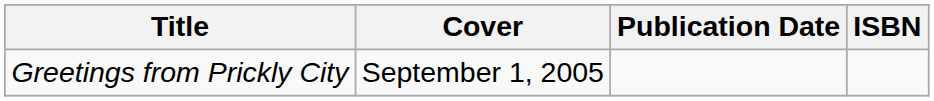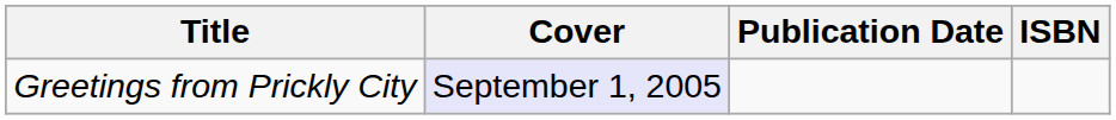 <table class="wikitable">
 <tr>
 <th>Title</th>
 <th>Cover</th>
 <th>Publication Date</th>
 <th>ISBN</th>
 </tr>
 <tr>
 <td><em>Greetings from Prickly City</em></td>
-<td>September 1, 2005</td>
+<td style="background: lavender;">September 1, 2005</td>
 <td></td>
 </tr>
 </table>
